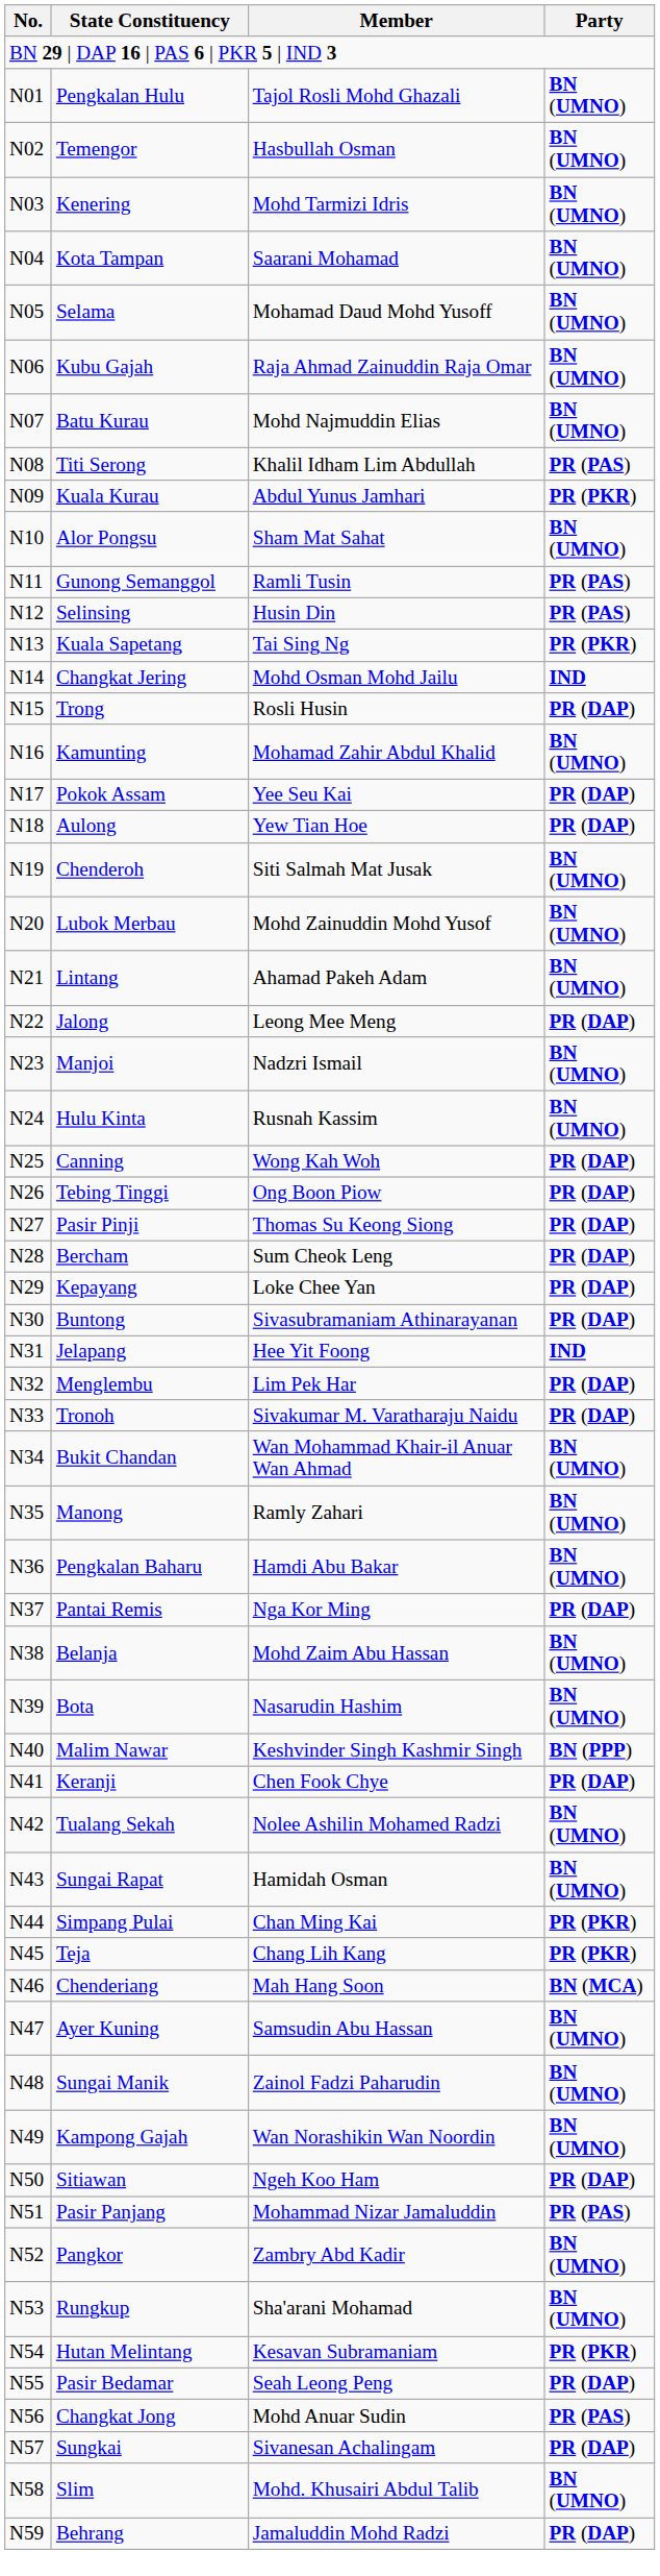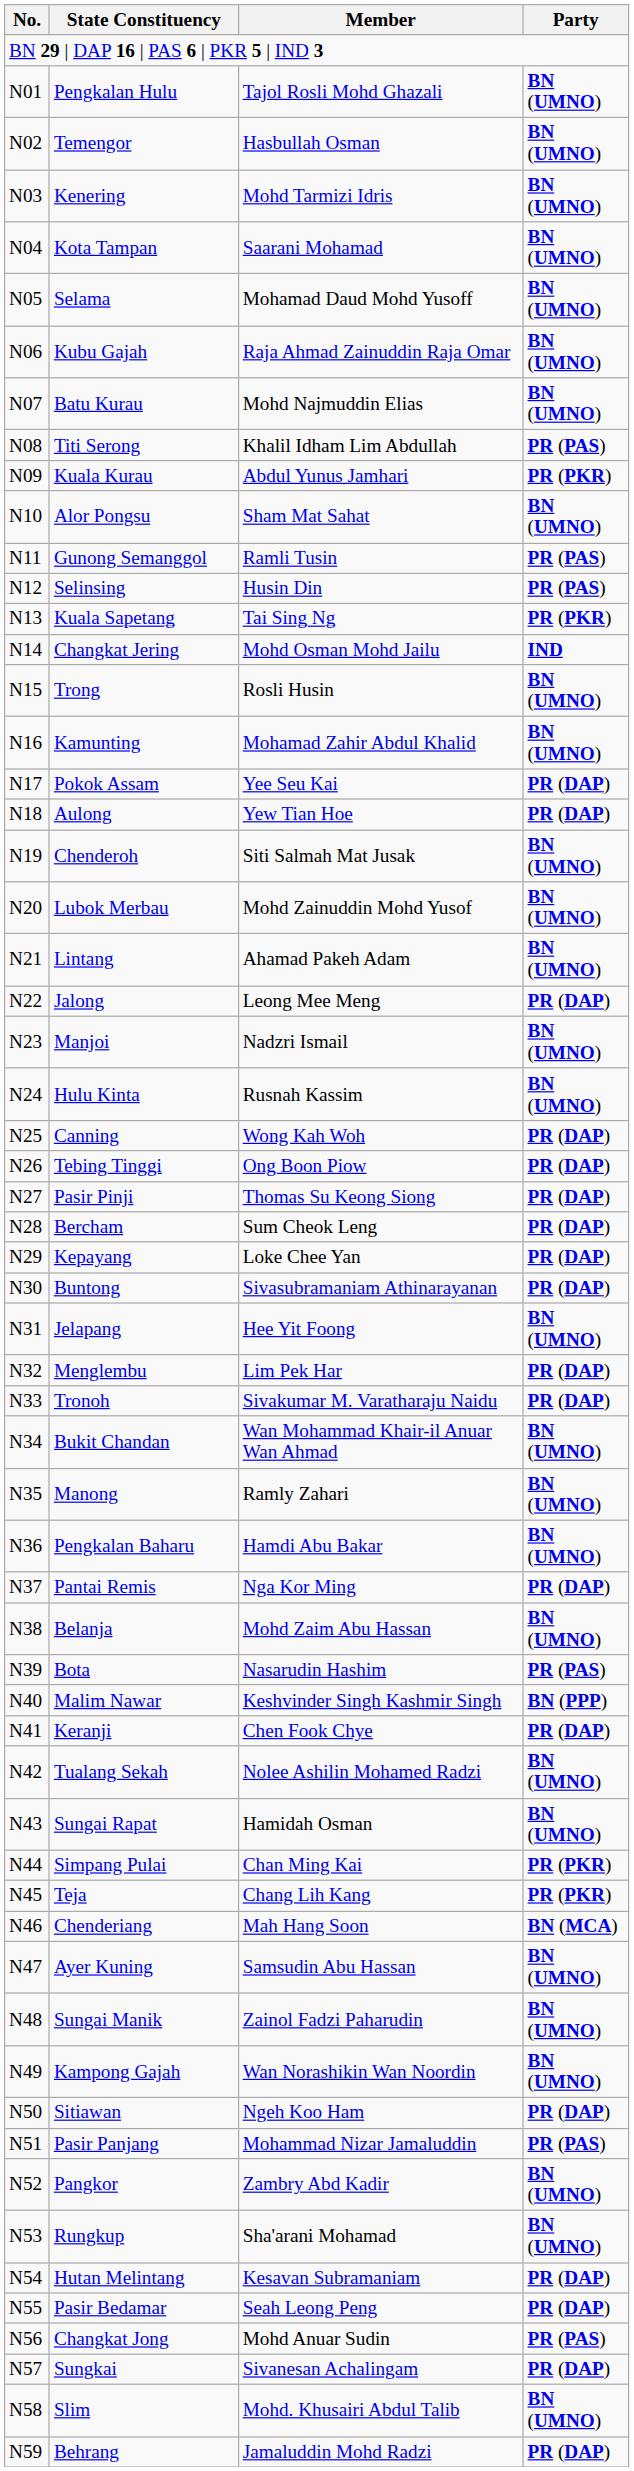 <table class="wikitable sortable">
 <tr>
 <th style="width:30px;">No.</th>
 <th style="width:150px;">State Constituency</th>
 <th style="width:230px;">Member</th>
 <th style="width:80px;">Party</th>
 </tr>
 <tr>
 <td colspan="4"><a href='#'>BN</a> <strong>29</strong> | <a href='#'>DAP</a> <strong>16</strong> | <a href='#'>PAS</a> <strong>6</strong> | <a href='#'>PKR</a> <strong>5</strong> | <a href='#'>IND</a> <strong>3</strong></td>
 </tr>
 <tr>
 <td>N01</td>
 <td><a href='#'>Pengkalan Hulu</a></td>
 <td><a href='#'>Tajol Rosli Mohd Ghazali</a></td>
 <td><strong><a href='#'>BN</a></strong> (<strong><a href='#'>UMNO</a></strong>)</td>
 </tr>
 <tr>
 <td>N02</td>
 <td><a href='#'>Temengor</a></td>
 <td><a href='#'>Hasbullah Osman</a></td>
 <td><strong><a href='#'>BN</a></strong> (<strong><a href='#'>UMNO</a></strong>)</td>
 </tr>
 <tr>
 <td>N03</td>
 <td><a href='#'>Kenering</a></td>
 <td><a href='#'>Mohd Tarmizi Idris</a></td>
 <td><strong><a href='#'>BN</a></strong> (<strong><a href='#'>UMNO</a></strong>)</td>
 </tr>
 <tr>
 <td>N04</td>
 <td><a href='#'>Kota Tampan</a></td>
 <td><a href='#'>Saarani Mohamad</a></td>
 <td><strong><a href='#'>BN</a></strong> (<strong><a href='#'>UMNO</a></strong>)</td>
 </tr>
 <tr>
 <td>N05</td>
 <td><a href='#'>Selama</a></td>
 <td>Mohamad Daud Mohd Yusoff</td>
 <td><strong><a href='#'>BN</a></strong> (<strong><a href='#'>UMNO</a></strong>)</td>
 </tr>
 <tr>
 <td>N06</td>
 <td><a href='#'>Kubu Gajah</a></td>
 <td><a href='#'>Raja Ahmad Zainuddin Raja Omar</a></td>
 <td><strong><a href='#'>BN</a></strong> (<strong><a href='#'>UMNO</a></strong>)</td>
 </tr>
 <tr>
 <td>N07</td>
 <td><a href='#'>Batu Kurau</a></td>
 <td>Mohd Najmuddin Elias</td>
 <td><strong><a href='#'>BN</a></strong> (<strong><a href='#'>UMNO</a></strong>)</td>
 </tr>
 <tr>
 <td>N08</td>
 <td><a href='#'>Titi Serong</a></td>
 <td>Khalil Idham Lim Abdullah</td>
 <td><strong><a href='#'>PR</a></strong> (<strong><a href='#'>PAS</a></strong>)</td>
 </tr>
 <tr>
 <td>N09</td>
 <td><a href='#'>Kuala Kurau</a></td>
 <td><a href='#'>Abdul Yunus Jamhari</a></td>
 <td><strong><a href='#'>PR</a></strong> (<strong><a href='#'>PKR</a></strong>)</td>
 </tr>
 <tr>
 <td>N10</td>
 <td><a href='#'>Alor Pongsu</a></td>
 <td><a href='#'>Sham Mat Sahat</a></td>
 <td><strong><a href='#'>BN</a></strong> (<strong><a href='#'>UMNO</a></strong>)</td>
 </tr>
 <tr>
 <td>N11</td>
 <td><a href='#'>Gunong Semanggol</a></td>
 <td><a href='#'>Ramli Tusin</a></td>
 <td><strong><a href='#'>PR</a></strong> (<strong><a href='#'>PAS</a></strong>)</td>
 </tr>
 <tr>
 <td>N12</td>
 <td><a href='#'>Selinsing</a></td>
 <td><a href='#'>Husin Din</a></td>
 <td><strong><a href='#'>PR</a></strong> (<strong><a href='#'>PAS</a></strong>)</td>
 </tr>
 <tr>
 <td>N13</td>
 <td><a href='#'>Kuala Sapetang</a></td>
 <td><a href='#'>Tai Sing Ng</a></td>
 <td><strong><a href='#'>PR</a></strong> (<strong><a href='#'>PKR</a></strong>)</td>
 </tr>
 <tr>
 <td>N14</td>
 <td><a href='#'>Changkat Jering</a></td>
 <td><a href='#'>Mohd Osman Mohd Jailu</a></td>
 <td><strong><a href='#'>IND</a></strong></td>
 </tr>
 <tr>
 <td>N15</td>
 <td><a href='#'>Trong</a></td>
 <td>Rosli Husin</td>
-<td><strong><a href='#'>PR</a></strong> (<strong><a href='#'>DAP</a></strong>)</td>
+<td><strong><a href='#'>BN</a></strong> (<strong><a href='#'>UMNO</a></strong>)</td>
 </tr>
 <tr>
 <td>N16</td>
 <td><a href='#'>Kamunting</a></td>
 <td><a href='#'>Mohamad Zahir Abdul Khalid</a></td>
 <td><strong><a href='#'>BN</a></strong> (<strong><a href='#'>UMNO</a></strong>)</td>
 </tr>
 <tr>
 <td>N17</td>
 <td><a href='#'>Pokok Assam</a></td>
 <td><a href='#'>Yee Seu Kai</a></td>
 <td><strong><a href='#'>PR</a></strong> (<strong><a href='#'>DAP</a></strong>)</td>
 </tr>
 <tr>
 <td>N18</td>
 <td><a href='#'>Aulong</a></td>
 <td><a href='#'>Yew Tian Hoe</a></td>
 <td><strong><a href='#'>PR</a></strong> (<strong><a href='#'>DAP</a></strong>)</td>
 </tr>
 <tr>
 <td>N19</td>
 <td><a href='#'>Chenderoh</a></td>
 <td>Siti Salmah Mat Jusak</td>
 <td><strong><a href='#'>BN</a></strong> (<strong><a href='#'>UMNO</a></strong>)</td>
 </tr>
 <tr>
 <td>N20</td>
 <td><a href='#'>Lubok Merbau</a></td>
 <td>Mohd Zainuddin Mohd Yusof</td>
 <td><strong><a href='#'>BN</a></strong> (<strong><a href='#'>UMNO</a></strong>)</td>
 </tr>
 <tr>
 <td>N21</td>
 <td><a href='#'>Lintang</a></td>
 <td>Ahamad Pakeh Adam</td>
 <td><strong><a href='#'>BN</a></strong> (<strong><a href='#'>UMNO</a></strong>)</td>
 </tr>
 <tr>
 <td>N22</td>
 <td><a href='#'>Jalong</a></td>
 <td>Leong Mee Meng</td>
 <td><strong><a href='#'>PR</a></strong> (<strong><a href='#'>DAP</a></strong>)</td>
 </tr>
 <tr>
 <td>N23</td>
 <td><a href='#'>Manjoi</a></td>
 <td>Nadzri Ismail</td>
 <td><strong><a href='#'>BN</a></strong> (<strong><a href='#'>UMNO</a></strong>)</td>
 </tr>
 <tr>
 <td>N24</td>
 <td><a href='#'>Hulu Kinta</a></td>
 <td>Rusnah Kassim</td>
 <td><strong><a href='#'>BN</a></strong> (<strong><a href='#'>UMNO</a></strong>)</td>
 </tr>
 <tr>
 <td>N25</td>
 <td><a href='#'>Canning</a></td>
 <td><a href='#'>Wong Kah Woh</a></td>
 <td><strong><a href='#'>PR</a></strong> (<strong><a href='#'>DAP</a></strong>)</td>
 </tr>
 <tr>
 <td>N26</td>
 <td><a href='#'>Tebing Tinggi</a></td>
 <td><a href='#'>Ong Boon Piow</a></td>
 <td><strong><a href='#'>PR</a></strong> (<strong><a href='#'>DAP</a></strong>)</td>
 </tr>
 <tr>
 <td>N27</td>
 <td><a href='#'>Pasir Pinji</a></td>
 <td><a href='#'>Thomas Su Keong Siong</a></td>
 <td><strong><a href='#'>PR</a></strong> (<strong><a href='#'>DAP</a></strong>)</td>
 </tr>
 <tr>
 <td>N28</td>
 <td><a href='#'>Bercham</a></td>
 <td>Sum Cheok Leng</td>
 <td><strong><a href='#'>PR</a></strong> (<strong><a href='#'>DAP</a></strong>)</td>
 </tr>
 <tr>
 <td>N29</td>
 <td><a href='#'>Kepayang</a></td>
 <td>Loke Chee Yan</td>
 <td><strong><a href='#'>PR</a></strong> (<strong><a href='#'>DAP</a></strong>)</td>
 </tr>
 <tr>
 <td>N30</td>
 <td><a href='#'>Buntong</a></td>
 <td><a href='#'>Sivasubramaniam Athinarayanan</a></td>
 <td><strong><a href='#'>PR</a></strong> (<strong><a href='#'>DAP</a></strong>)</td>
 </tr>
 <tr>
 <td>N31</td>
 <td><a href='#'>Jelapang</a></td>
 <td><a href='#'>Hee Yit Foong</a></td>
-<td><strong><a href='#'>IND</a></strong></td>
+<td><strong><a href='#'>BN</a></strong> (<strong><a href='#'>UMNO</a></strong>)</td>
 </tr>
 <tr>
 <td>N32</td>
 <td><a href='#'>Menglembu</a></td>
 <td><a href='#'>Lim Pek Har</a></td>
 <td><strong><a href='#'>PR</a></strong> (<strong><a href='#'>DAP</a></strong>)</td>
 </tr>
 <tr>
 <td>N33</td>
 <td><a href='#'>Tronoh</a></td>
 <td><a href='#'>Sivakumar M. Varatharaju Naidu</a></td>
 <td><strong><a href='#'>PR</a></strong> (<strong><a href='#'>DAP</a></strong>)</td>
 </tr>
 <tr>
 <td>N34</td>
 <td><a href='#'>Bukit Chandan</a></td>
 <td><a href='#'>Wan Mohammad Khair-il Anuar Wan Ahmad</a></td>
 <td><strong><a href='#'>BN</a></strong> (<strong><a href='#'>UMNO</a></strong>)</td>
 </tr>
 <tr>
 <td>N35</td>
 <td><a href='#'>Manong</a></td>
 <td>Ramly Zahari</td>
 <td><strong><a href='#'>BN</a></strong> (<strong><a href='#'>UMNO</a></strong>)</td>
 </tr>
 <tr>
 <td>N36</td>
 <td><a href='#'>Pengkalan Baharu</a></td>
 <td><a href='#'>Hamdi Abu Bakar</a></td>
 <td><strong><a href='#'>BN</a></strong> (<strong><a href='#'>UMNO</a></strong>)</td>
 </tr>
 <tr>
 <td>N37</td>
 <td><a href='#'>Pantai Remis</a></td>
 <td><a href='#'>Nga Kor Ming</a></td>
 <td><strong><a href='#'>PR</a></strong> (<strong><a href='#'>DAP</a></strong>)</td>
 </tr>
 <tr>
 <td>N38</td>
 <td><a href='#'>Belanja</a></td>
 <td><a href='#'>Mohd Zaim Abu Hassan</a></td>
 <td><strong><a href='#'>BN</a></strong> (<strong><a href='#'>UMNO</a></strong>)</td>
 </tr>
 <tr>
 <td>N39</td>
 <td><a href='#'>Bota</a></td>
 <td><a href='#'>Nasarudin Hashim</a></td>
-<td><strong><a href='#'>BN</a></strong> (<strong><a href='#'>UMNO</a></strong>)</td>
+<td><strong><a href='#'>PR</a></strong> (<strong><a href='#'>PAS</a></strong>)</td>
 </tr>
 <tr>
 <td>N40</td>
 <td><a href='#'>Malim Nawar</a></td>
 <td><a href='#'>Keshvinder Singh Kashmir Singh</a></td>
 <td><strong><a href='#'>BN</a></strong> (<strong><a href='#'>PPP</a></strong>)</td>
 </tr>
 <tr>
 <td>N41</td>
 <td><a href='#'>Keranji</a></td>
 <td><a href='#'>Chen Fook Chye</a></td>
 <td><strong><a href='#'>PR</a></strong> (<strong><a href='#'>DAP</a></strong>)</td>
 </tr>
 <tr>
 <td>N42</td>
 <td><a href='#'>Tualang Sekah</a></td>
 <td><a href='#'>Nolee Ashilin Mohamed Radzi</a></td>
 <td><strong><a href='#'>BN</a></strong> (<strong><a href='#'>UMNO</a></strong>)</td>
 </tr>
 <tr>
 <td>N43</td>
 <td><a href='#'>Sungai Rapat</a></td>
 <td>Hamidah Osman</td>
 <td><strong><a href='#'>BN</a></strong> (<strong><a href='#'>UMNO</a></strong>)</td>
 </tr>
 <tr>
 <td>N44</td>
 <td><a href='#'>Simpang Pulai</a></td>
 <td><a href='#'>Chan Ming Kai</a></td>
 <td><strong><a href='#'>PR</a></strong> (<strong><a href='#'>PKR</a></strong>)</td>
 </tr>
 <tr>
 <td>N45</td>
 <td><a href='#'>Teja</a></td>
 <td><a href='#'>Chang Lih Kang</a></td>
 <td><strong><a href='#'>PR</a></strong> (<strong><a href='#'>PKR</a></strong>)</td>
 </tr>
 <tr>
 <td>N46</td>
 <td><a href='#'>Chenderiang</a></td>
 <td><a href='#'>Mah Hang Soon</a></td>
 <td><strong><a href='#'>BN</a></strong> (<strong><a href='#'>MCA</a></strong>)</td>
 </tr>
 <tr>
 <td>N47</td>
 <td><a href='#'>Ayer Kuning</a></td>
 <td><a href='#'>Samsudin Abu Hassan</a></td>
 <td><strong><a href='#'>BN</a></strong> (<strong><a href='#'>UMNO</a></strong>)</td>
 </tr>
 <tr>
 <td>N48</td>
 <td><a href='#'>Sungai Manik</a></td>
 <td><a href='#'>Zainol Fadzi Paharudin</a></td>
 <td><strong><a href='#'>BN</a></strong> (<strong><a href='#'>UMNO</a></strong>)</td>
 </tr>
 <tr>
 <td>N49</td>
 <td><a href='#'>Kampong Gajah</a></td>
 <td><a href='#'>Wan Norashikin Wan Noordin</a></td>
 <td><strong><a href='#'>BN</a></strong> (<strong><a href='#'>UMNO</a></strong>)</td>
 </tr>
 <tr>
 <td>N50</td>
 <td><a href='#'>Sitiawan</a></td>
 <td><a href='#'>Ngeh Koo Ham</a></td>
 <td><strong><a href='#'>PR</a></strong> (<strong><a href='#'>DAP</a></strong>)</td>
 </tr>
 <tr>
 <td>N51</td>
 <td><a href='#'>Pasir Panjang</a></td>
 <td><a href='#'>Mohammad Nizar Jamaluddin</a></td>
 <td><strong><a href='#'>PR</a></strong> (<strong><a href='#'>PAS</a></strong>)</td>
 </tr>
 <tr>
 <td>N52</td>
 <td><a href='#'>Pangkor</a></td>
 <td><a href='#'>Zambry Abd Kadir</a></td>
 <td><strong><a href='#'>BN</a></strong> (<strong><a href='#'>UMNO</a></strong>)</td>
 </tr>
 <tr>
 <td>N53</td>
 <td><a href='#'>Rungkup</a></td>
 <td>Sha'arani Mohamad</td>
 <td><strong><a href='#'>BN</a></strong> (<strong><a href='#'>UMNO</a></strong>)</td>
 </tr>
 <tr>
 <td>N54</td>
 <td><a href='#'>Hutan Melintang</a></td>
 <td><a href='#'>Kesavan Subramaniam</a></td>
-<td><strong><a href='#'>PR</a></strong> (<strong><a href='#'>PKR</a></strong>)</td>
+<td><strong><a href='#'>PR</a></strong> (<strong><a href='#'>DAP</a></strong>)</td>
 </tr>
 <tr>
 <td>N55</td>
 <td><a href='#'>Pasir Bedamar</a></td>
 <td><a href='#'>Seah Leong Peng</a></td>
 <td><strong><a href='#'>PR</a></strong> (<strong><a href='#'>DAP</a></strong>)</td>
 </tr>
 <tr>
 <td>N56</td>
 <td><a href='#'>Changkat Jong</a></td>
 <td>Mohd Anuar Sudin</td>
 <td><strong><a href='#'>PR</a></strong> (<strong><a href='#'>PAS</a></strong>)</td>
 </tr>
 <tr>
 <td>N57</td>
 <td><a href='#'>Sungkai</a></td>
 <td><a href='#'>Sivanesan Achalingam</a></td>
 <td><strong><a href='#'>PR</a></strong> (<strong><a href='#'>DAP</a></strong>)</td>
 </tr>
 <tr>
 <td>N58</td>
 <td><a href='#'>Slim</a></td>
 <td><a href='#'>Mohd. Khusairi Abdul Talib</a></td>
 <td><strong><a href='#'>BN</a></strong> (<strong><a href='#'>UMNO</a></strong>)</td>
 </tr>
 <tr>
 <td>N59</td>
 <td><a href='#'>Behrang</a></td>
 <td><a href='#'>Jamaluddin Mohd Radzi</a></td>
 <td><strong><a href='#'>PR</a></strong> (<strong><a href='#'>DAP</a></strong>)</td>
 </tr>
 </table>
